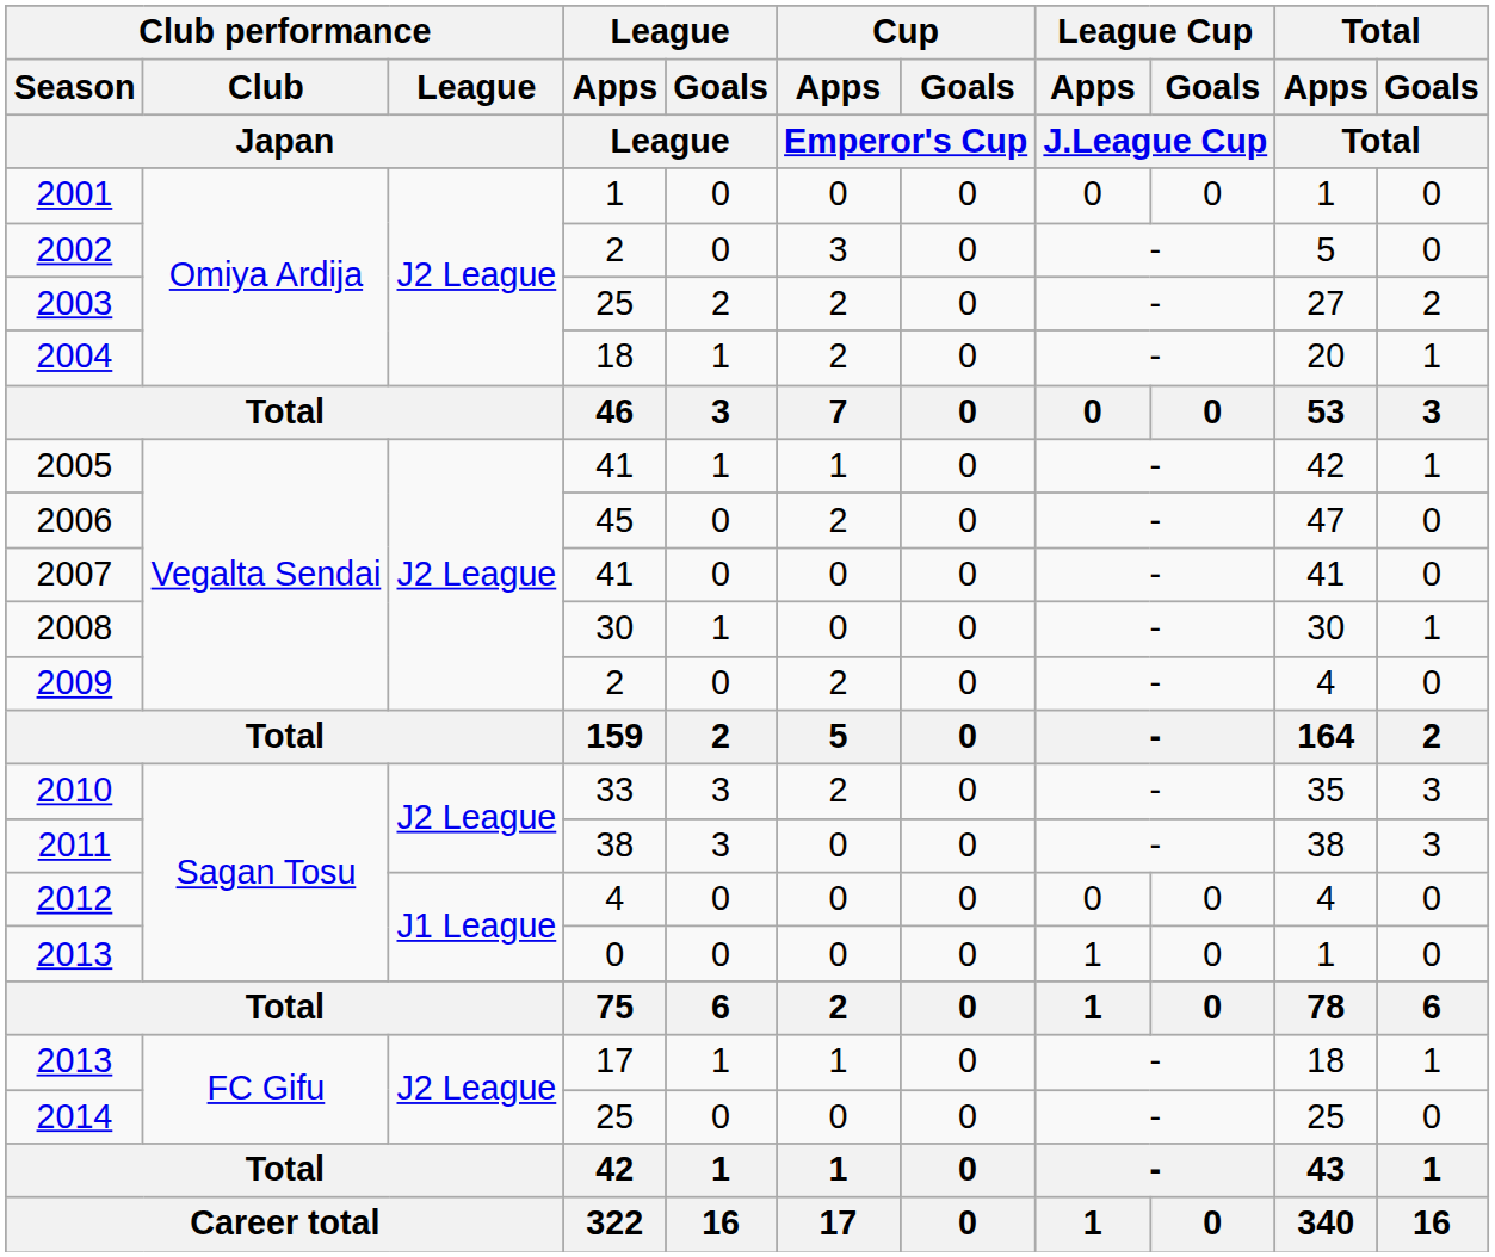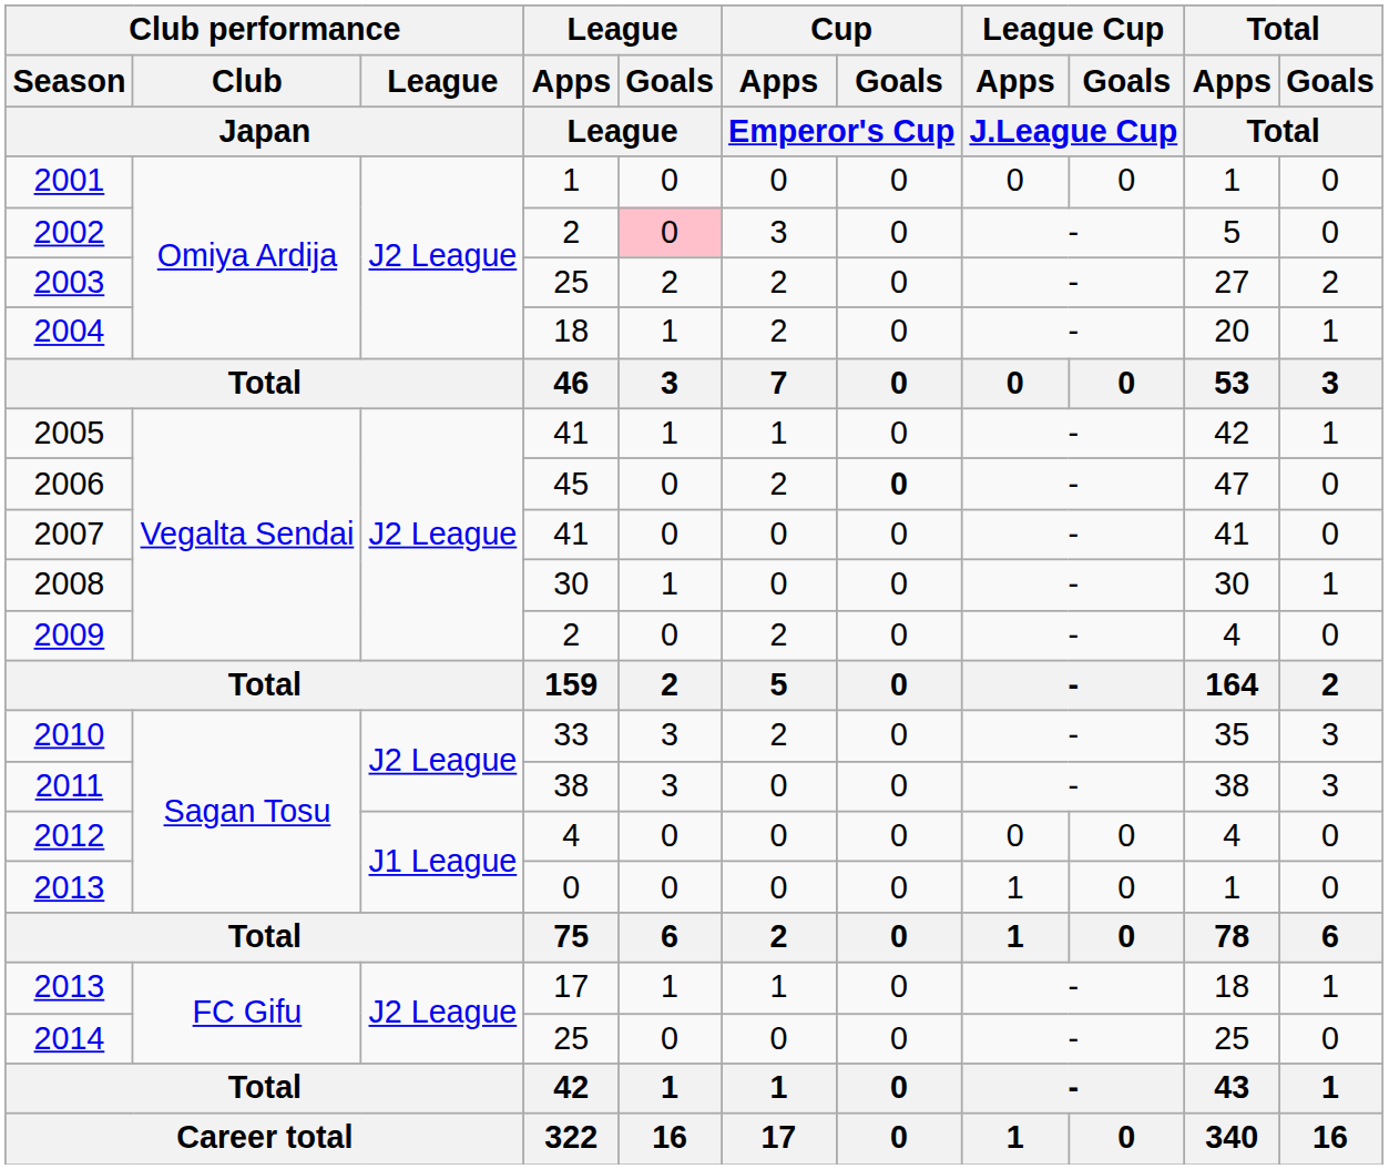 <table class="wikitable" style="text-align:center;">
 <tr>
 <th colspan=3>Club performance</th>
 <th colspan=2>League</th>
 <th colspan=2>Cup</th>
 <th colspan=2>League Cup</th>
 <th colspan=2>Total</th>
 </tr>
 <tr>
 <th>Season</th>
 <th>Club</th>
 <th>League</th>
 <th>Apps</th>
 <th>Goals</th>
 <th>Apps</th>
 <th>Goals</th>
 <th>Apps</th>
 <th>Goals</th>
 <th>Apps</th>
 <th>Goals</th>
 </tr>
 <tr>
 <th colspan=3>Japan</th>
 <th colspan=2>League</th>
 <th colspan=2><a href='#'>Emperor's Cup</a></th>
 <th colspan=2><a href='#'>J.League Cup</a></th>
 <th colspan=2>Total</th>
 </tr>
 <tr>
 <td><a href='#'>2001</a></td>
 <td rowspan="4"><a href='#'>Omiya Ardija</a></td>
 <td rowspan="4"><a href='#'>J2 League</a></td>
 <td>1</td>
 <td>0</td>
 <td>0</td>
 <td>0</td>
 <td>0</td>
 <td>0</td>
 <td>1</td>
 <td>0</td>
 </tr>
 <tr>
 <td><a href='#'>2002</a></td>
 <td>2</td>
-<td>0</td>
+<td style="background: pink;">0</td>
 <td>3</td>
 <td>0</td>
 <td colspan="2">-</td>
 <td>5</td>
 <td>0</td>
 </tr>
 <tr>
 <td><a href='#'>2003</a></td>
 <td>25</td>
 <td>2</td>
 <td>2</td>
 <td>0</td>
 <td colspan="2">-</td>
 <td>27</td>
 <td>2</td>
 </tr>
 <tr>
 <td><a href='#'>2004</a></td>
 <td>18</td>
 <td>1</td>
 <td>2</td>
 <td>0</td>
 <td colspan="2">-</td>
 <td>20</td>
 <td>1</td>
 </tr>
 <tr>
 <th colspan="3">Total</th>
 <th>46</th>
 <th>3</th>
 <th>7</th>
 <th>0</th>
 <th>0</th>
 <th>0</th>
 <th>53</th>
 <th>3</th>
 </tr>
 <tr>
 <td>2005</td>
 <td rowspan="5"><a href='#'>Vegalta Sendai</a></td>
 <td rowspan="5"><a href='#'>J2 League</a></td>
 <td>41</td>
 <td>1</td>
 <td>1</td>
 <td>0</td>
 <td colspan="2">-</td>
 <td>42</td>
 <td>1</td>
 </tr>
 <tr>
 <td>2006</td>
 <td>45</td>
 <td>0</td>
 <td>2</td>
-<td>0</td>
+<td><strong>0</strong></td>
 <td colspan="2">-</td>
 <td>47</td>
 <td>0</td>
 </tr>
 <tr>
 <td>2007</td>
 <td>41</td>
 <td>0</td>
 <td>0</td>
 <td>0</td>
 <td colspan="2">-</td>
 <td>41</td>
 <td>0</td>
 </tr>
 <tr>
 <td>2008</td>
 <td>30</td>
 <td>1</td>
 <td>0</td>
 <td>0</td>
 <td colspan="2">-</td>
 <td>30</td>
 <td>1</td>
 </tr>
 <tr>
 <td><a href='#'>2009</a></td>
 <td>2</td>
 <td>0</td>
 <td>2</td>
 <td>0</td>
 <td colspan="2">-</td>
 <td>4</td>
 <td>0</td>
 </tr>
 <tr>
 <th colspan="3">Total</th>
 <th>159</th>
 <th>2</th>
 <th>5</th>
 <th>0</th>
 <th colspan="2">-</th>
 <th>164</th>
 <th>2</th>
 </tr>
 <tr>
 <td><a href='#'>2010</a></td>
 <td rowspan="4"><a href='#'>Sagan Tosu</a></td>
 <td rowspan="2"><a href='#'>J2 League</a></td>
 <td>33</td>
 <td>3</td>
 <td>2</td>
 <td>0</td>
 <td colspan="2">-</td>
 <td>35</td>
 <td>3</td>
 </tr>
 <tr>
 <td><a href='#'>2011</a></td>
 <td>38</td>
 <td>3</td>
 <td>0</td>
 <td>0</td>
 <td colspan=2>-</td>
 <td>38</td>
 <td>3</td>
 </tr>
 <tr>
 <td><a href='#'>2012</a></td>
 <td rowspan="2"><a href='#'>J1 League</a></td>
 <td>4</td>
 <td>0</td>
 <td>0</td>
 <td>0</td>
 <td>0</td>
 <td>0</td>
 <td>4</td>
 <td>0</td>
 </tr>
 <tr>
 <td><a href='#'>2013</a></td>
 <td>0</td>
 <td>0</td>
 <td>0</td>
 <td>0</td>
 <td>1</td>
 <td>0</td>
 <td>1</td>
 <td>0</td>
 </tr>
 <tr>
 <th colspan="3">Total</th>
 <th>75</th>
 <th>6</th>
 <th>2</th>
 <th>0</th>
 <th>1</th>
 <th>0</th>
 <th>78</th>
 <th>6</th>
 </tr>
 <tr>
 <td><a href='#'>2013</a></td>
 <td rowspan="2"><a href='#'>FC Gifu</a></td>
 <td rowspan="2"><a href='#'>J2 League</a></td>
 <td>17</td>
 <td>1</td>
 <td>1</td>
 <td>0</td>
 <td colspan="2">-</td>
 <td>18</td>
 <td>1</td>
 </tr>
 <tr>
 <td><a href='#'>2014</a></td>
 <td>25</td>
 <td>0</td>
 <td>0</td>
 <td>0</td>
 <td colspan="2">-</td>
 <td>25</td>
 <td>0</td>
 </tr>
 <tr>
 <th colspan="3">Total</th>
 <th>42</th>
 <th>1</th>
 <th>1</th>
 <th>0</th>
 <th colspan="2">-</th>
 <th>43</th>
 <th>1</th>
 </tr>
 <tr>
 <th colspan=3>Career total</th>
 <th>322</th>
 <th>16</th>
 <th>17</th>
 <th>0</th>
 <th>1</th>
 <th>0</th>
 <th>340</th>
 <th>16</th>
 </tr>
 </table>
